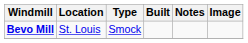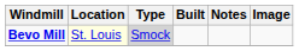 <table class="wikitable">
 <tr>
 <th>Windmill</th>
 <th>Location</th>
 <th>Type</th>
 <th>Built</th>
 <th>Notes</th>
 <th>Image</th>
 </tr>
 <tr>
 <td><strong><a href='#'>Bevo Mill</a></strong></td>
-<td><a href='#'>St. Louis</a><br></td>
-<td><a href='#'>Smock</a></td>
+<td style="background: lightyellow;"><a href='#'>St. Louis</a><br></td>
+<td style="background: lightgrey;"><a href='#'>Smock</a></td>
 <td></td>
 <td></td>
 <td></td>
 </tr>
 <tr>
 </tr>
 </table>
